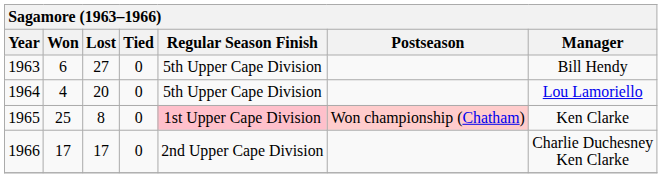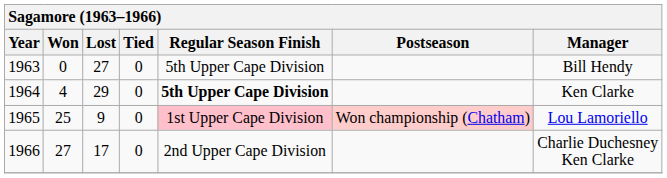 <table class="wikitable" style="text-align:center">
 <tr>
 <th style="text-align:left" colspan="7"><strong><span>Sagamore (1963–1966)</span></strong></th>
 </tr>
 <tr>
 <th>Year</th>
 <th>Won</th>
 <th>Lost</th>
 <th>Tied</th>
 <th>Regular Season Finish</th>
 <th>Postseason</th>
 <th>Manager</th>
 </tr>
 <tr>
 <td>1963</td>
-<td>6</td>
+<td>0</td>
 <td>27</td>
 <td>0</td>
 <td>5th Upper Cape Division</td>
 <td></td>
 <td>Bill Hendy</td>
 </tr>
 <tr>
 <td>1964</td>
 <td>4</td>
-<td>20</td>
+<td>29</td>
 <td>0</td>
-<td>5th Upper Cape Division</td>
+<td><strong>5th Upper Cape Division</strong></td>
 <td></td>
-<td><a href='#'>Lou Lamoriello</a></td>
+<td>Ken Clarke</td>
 </tr>
 <tr>
 <td>1965</td>
 <td>25</td>
-<td>8</td>
+<td>9</td>
 <td>0</td>
 <td style="background: pink;">1st Upper Cape Division</td>
 <td style="text-align:left" bgcolor=#ffcccc>Won championship (<a href='#'>Chatham</a>)</td>
-<td>Ken Clarke</td>
+<td><a href='#'>Lou Lamoriello</a></td>
 </tr>
 <tr>
 <td>1966</td>
-<td>17</td>
+<td>27</td>
 <td>17</td>
 <td>0</td>
 <td>2nd Upper Cape Division</td>
 <td></td>
 <td>Charlie Duchesney<br>Ken Clarke</td>
 </tr>
 <tr>
 </tr>
 </table>
